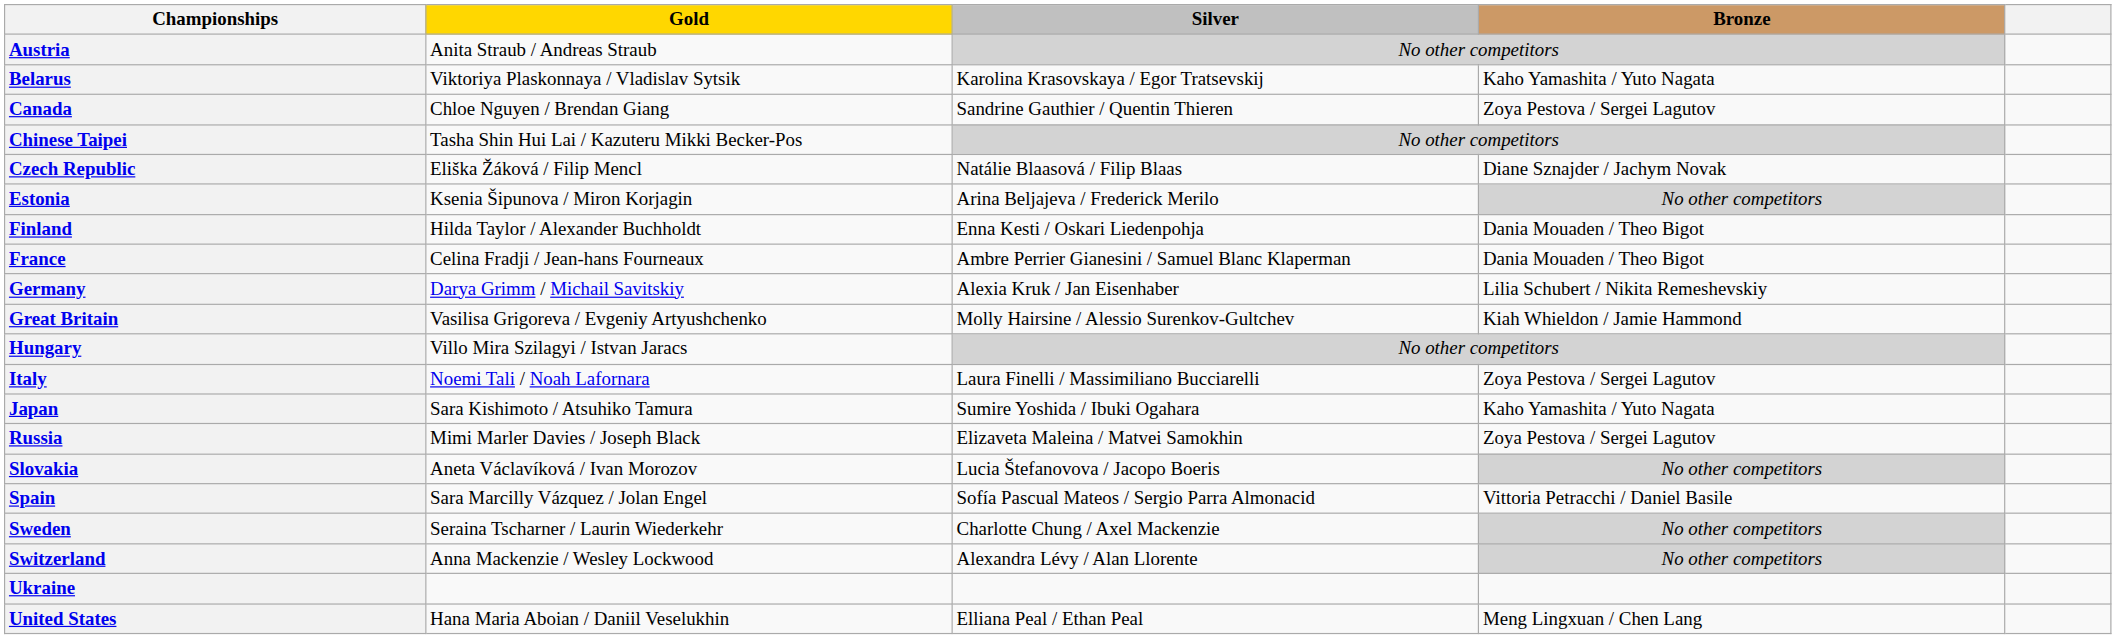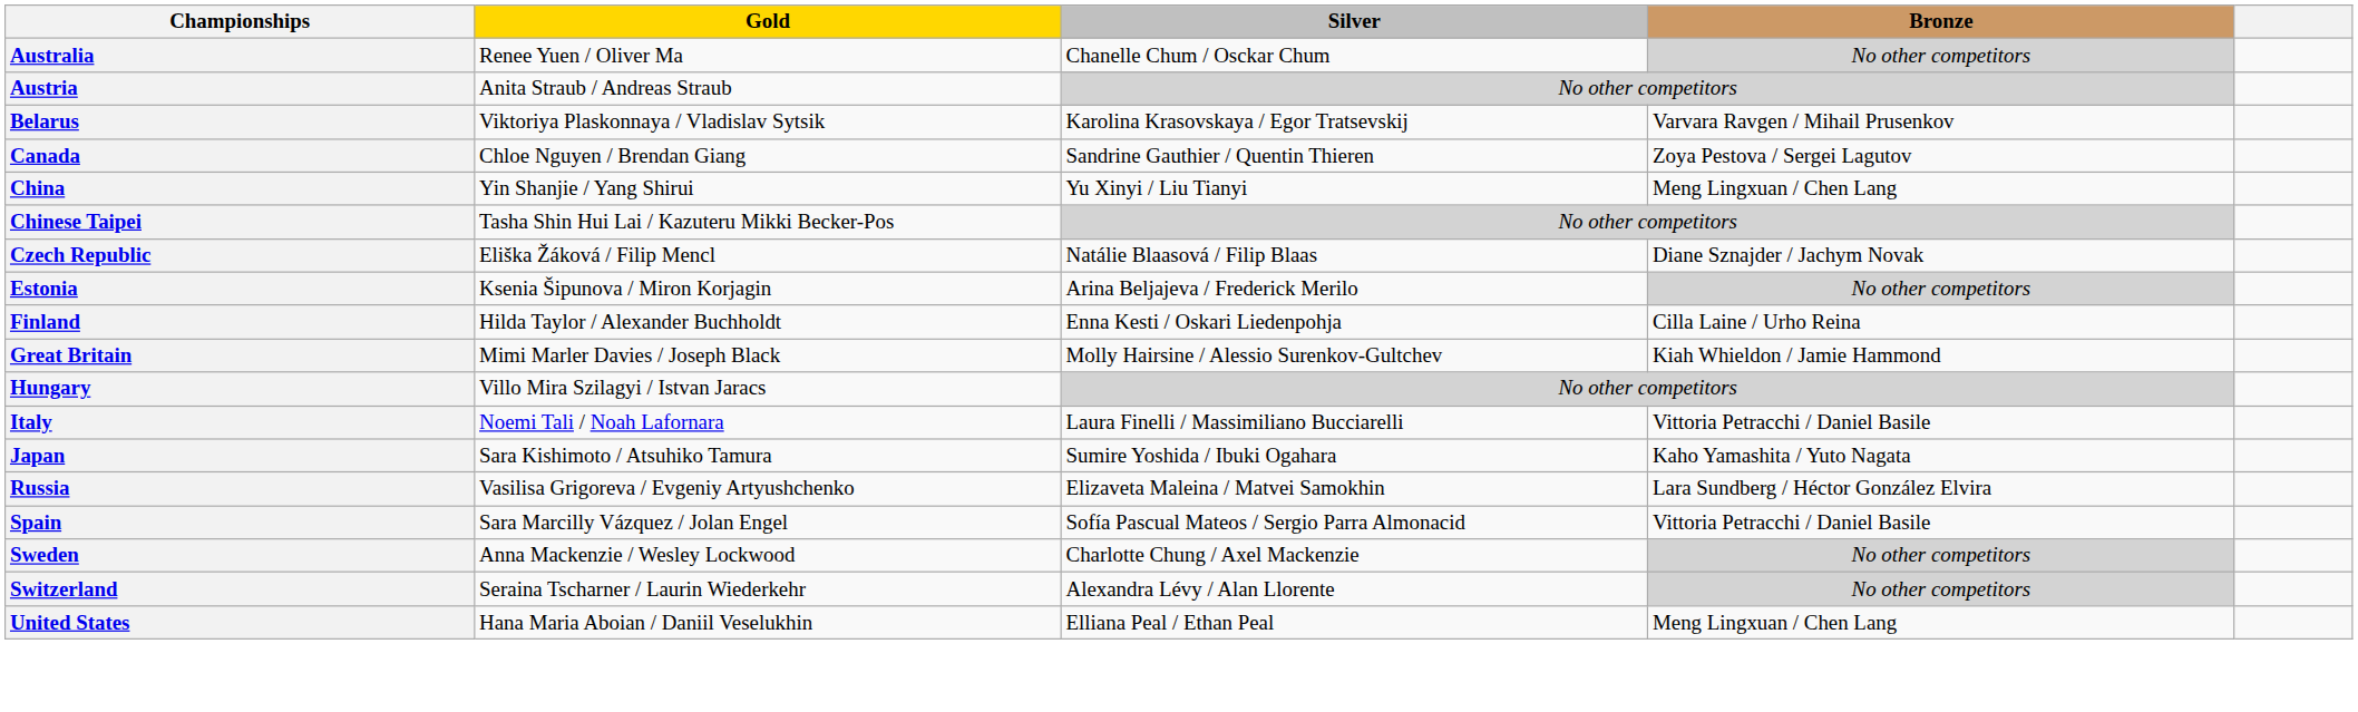 <table class="wikitable unsortable" style="text-align:left; width:90%;">
 <tr>
 <th scope="col" style="text-align:center; width:20%;">Championships</th>
 <td scope="col" style="text-align:center; width:25%; background:gold"><strong>Gold</strong></td>
 <td scope="col" style="text-align:center; width:25%; background:silver"><strong>Silver</strong></td>
 <td scope="col" style="text-align:center; width:25%; background:#c96"><strong>Bronze</strong></td>
 <th scope="col" style="text-align:center; width:5%;"></th>
+</tr>
+<tr>
+<th scope="row" style="text-align:left"> <a href='#'>Australia</a></th>
+<td>Renee Yuen / Oliver Ma</td>
+<td>Chanelle Chum / Osckar Chum</td>
+<td align="center" bgcolor="lightgray"><em>No other competitors</em></td>
+<td></td>
 </tr>
 <tr>
 <th scope="row" style="text-align:left"> <a href='#'>Austria</a></th>
 <td>Anita Straub / Andreas Straub</td>
 <td colspan=2 align="center" bgcolor="lightgray"><em>No other competitors</em></td>
 <td></td>
 </tr>
 <tr>
 <th scope="row" style="text-align:left"> <a href='#'>Belarus</a></th>
 <td>Viktoriya Plaskonnaya / Vladislav Sytsik</td>
 <td>Karolina Krasovskaya / Egor Tratsevskij</td>
-<td>Kaho Yamashita / Yuto Nagata</td>
+<td>Varvara Ravgen / Mihail Prusenkov</td>
 <td></td>
 </tr>
 <tr>
 <th scope="row" style="text-align:left"> <a href='#'>Canada</a></th>
 <td>Chloe Nguyen / Brendan Giang</td>
 <td>Sandrine Gauthier / Quentin Thieren</td>
 <td>Zoya Pestova / Sergei Lagutov</td>
+<td></td>
+</tr>
+<tr>
+<th scope="row" style="text-align:left"> <a href='#'>China</a></th>
+<td>Yin Shanjie / Yang Shirui</td>
+<td>Yu Xinyi / Liu Tianyi</td>
+<td>Meng Lingxuan / Chen Lang</td>
 <td></td>
 </tr>
 <tr>
 <th scope="row" style="text-align:left"> <a href='#'>Chinese Taipei</a></th>
 <td>Tasha Shin Hui Lai / Kazuteru Mikki Becker-Pos</td>
 <td colspan=2 align="center" bgcolor="lightgray"><em>No other competitors</em></td>
 <td></td>
 </tr>
 <tr>
 <th scope="row" style="text-align:left"> <a href='#'>Czech Republic</a></th>
 <td>Eliška Žáková / Filip Mencl</td>
 <td>Natálie Blaasová / Filip Blaas</td>
 <td>Diane Sznajder / Jachym Novak</td>
 <td></td>
 </tr>
 <tr>
 <th scope="row" style="text-align:left"> <a href='#'>Estonia</a></th>
 <td>Ksenia Šipunova / Miron Korjagin</td>
 <td>Arina Beljajeva / Frederick Merilo</td>
 <td align="center" bgcolor="lightgray"><em>No other competitors</em></td>
 <td></td>
 </tr>
 <tr>
 <th scope="row" style="text-align:left"> <a href='#'>Finland</a></th>
 <td>Hilda Taylor / Alexander Buchholdt</td>
 <td>Enna Kesti / Oskari Liedenpohja</td>
-<td>Dania Mouaden / Theo Bigot</td>
-<td></td>
-</tr>
-<tr>
-<th scope="row" style="text-align:left"> <a href='#'>France</a></th>
-<td>Celina Fradji / Jean-hans Fourneaux</td>
-<td>Ambre Perrier Gianesini / Samuel Blanc Klaperman</td>
-<td>Dania Mouaden / Theo Bigot</td>
-<td></td>
-</tr>
-<tr>
-<th scope="row" style="text-align:left"> <a href='#'>Germany</a></th>
-<td><a href='#'>Darya Grimm</a> / <a href='#'>Michail Savitskiy</a></td>
-<td>Alexia Kruk / Jan Eisenhaber</td>
-<td>Lilia Schubert / Nikita Remeshevskiy</td>
+<td>Cilla Laine / Urho Reina</td>
 <td></td>
 </tr>
 <tr>
 <th scope="row" style="text-align:left"> <a href='#'>Great Britain</a></th>
-<td>Vasilisa Grigoreva / Evgeniy Artyushchenko</td>
+<td>Mimi Marler Davies / Joseph Black</td>
 <td>Molly Hairsine / Alessio Surenkov-Gultchev</td>
 <td>Kiah Whieldon / Jamie Hammond</td>
 <td></td>
 </tr>
 <tr>
 <th scope="row" style="text-align:left"> <a href='#'>Hungary</a></th>
 <td>Villo Mira Szilagyi / Istvan Jaracs</td>
 <td colspan=2 align="center" bgcolor="lightgray"><em>No other competitors</em></td>
 <td></td>
 </tr>
 <tr>
 <th scope="row" style="text-align:left"> <a href='#'>Italy</a></th>
 <td><a href='#'>Noemi Tali</a> / <a href='#'>Noah Lafornara</a></td>
 <td>Laura Finelli / Massimiliano Bucciarelli</td>
-<td>Zoya Pestova / Sergei Lagutov</td>
+<td>Vittoria Petracchi / Daniel Basile</td>
 <td></td>
 </tr>
 <tr>
 <th scope="row" style="text-align:left"> <a href='#'>Japan</a></th>
 <td>Sara Kishimoto / Atsuhiko Tamura</td>
 <td>Sumire Yoshida / Ibuki Ogahara</td>
 <td>Kaho Yamashita / Yuto Nagata</td>
 <td></td>
 </tr>
 <tr>
 <th scope="row" style="text-align:left"> <a href='#'>Russia</a></th>
-<td>Mimi Marler Davies / Joseph Black</td>
+<td>Vasilisa Grigoreva / Evgeniy Artyushchenko</td>
 <td>Elizaveta Maleina / Matvei Samokhin</td>
-<td>Zoya Pestova / Sergei Lagutov</td>
-<td></td>
-</tr>
-<tr>
-<th scope="row" style="text-align:left"> <a href='#'>Slovakia</a></th>
-<td>Aneta Václavíková / Ivan Morozov</td>
-<td>Lucia Štefanovova / Jacopo Boeris</td>
-<td align="center" bgcolor="lightgray"><em>No other competitors</em></td>
+<td>Lara Sundberg / Héctor González Elvira</td>
 <td></td>
 </tr>
 <tr>
 <th scope="row" style="text-align:left"> <a href='#'>Spain</a></th>
 <td>Sara Marcilly Vázquez / Jolan Engel</td>
 <td>Sofía Pascual Mateos / Sergio Parra Almonacid</td>
 <td>Vittoria Petracchi / Daniel Basile</td>
 <td></td>
 </tr>
 <tr>
 <th scope="row" style="text-align:left"> <a href='#'>Sweden</a></th>
-<td>Seraina Tscharner / Laurin Wiederkehr</td>
+<td>Anna Mackenzie / Wesley Lockwood</td>
 <td>Charlotte Chung / Axel Mackenzie</td>
 <td align="center" bgcolor="lightgray"><em>No other competitors</em></td>
 <td></td>
 </tr>
 <tr>
 <th scope="row" style="text-align:left"> <a href='#'>Switzerland</a></th>
-<td>Anna Mackenzie / Wesley Lockwood</td>
+<td>Seraina Tscharner / Laurin Wiederkehr</td>
 <td>Alexandra Lévy / Alan Llorente</td>
 <td align="center" bgcolor="lightgray"><em>No other competitors</em></td>
-<td></td>
-</tr>
-<tr>
-<th scope="row" style="text-align:left"> <a href='#'>Ukraine</a></th>
-<td></td>
-<td></td>
-<td></td>
 <td></td>
 </tr>
 <tr>
 <th scope="row" style="text-align:left"> <a href='#'>United States</a></th>
 <td>Hana Maria Aboian / Daniil Veselukhin</td>
 <td>Elliana Peal / Ethan Peal</td>
 <td>Meng Lingxuan / Chen Lang</td>
 <td></td>
 </tr>
 </table>
